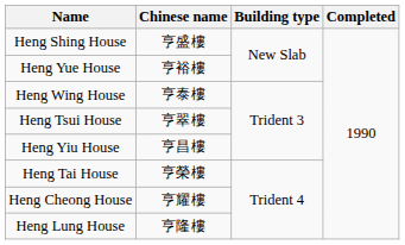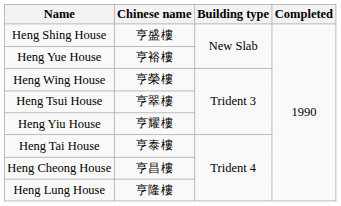 <table class="wikitable" style="text-align: center">
 <tr>
 <th>Name</th>
 <th>Chinese name</th>
 <th>Building type</th>
 <th>Completed</th>
 </tr>
 <tr>
 <td>Heng Shing House</td>
 <td>亨盛樓</td>
 <td rowspan="2">New Slab</td>
 <td rowspan="8">1990</td>
 </tr>
 <tr>
 <td>Heng Yue House</td>
 <td>亨裕樓</td>
 </tr>
 <tr>
 <td>Heng Wing House</td>
-<td>亨泰樓</td>
+<td>亨榮樓</td>
 <td rowspan="3">Trident 3</td>
 </tr>
 <tr>
 <td>Heng Tsui House</td>
 <td>亨翠樓</td>
 </tr>
 <tr>
 <td>Heng Yiu House</td>
-<td>亨昌樓</td>
+<td>亨耀樓</td>
 </tr>
 <tr>
 <td>Heng Tai House</td>
-<td>亨榮樓</td>
+<td>亨泰樓</td>
 <td rowspan="3">Trident 4</td>
 </tr>
 <tr>
 <td>Heng Cheong House</td>
-<td>亨耀樓</td>
+<td>亨昌樓</td>
 </tr>
 <tr>
 <td>Heng Lung House</td>
 <td>亨隆樓</td>
 </tr>
 </table>
